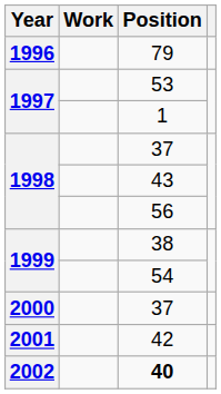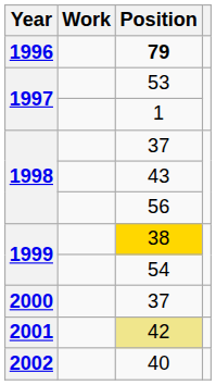 <table class="wikitable sortable" "plainrowheaders">
 <tr>
 <th scope="col">Year</th>
 <th scope="col">Work</th>
 <th scope="col">Position</th>
 <th scope="col" class="unsortable"></th>
 </tr>
 <tr>
 <th scope="row"><a href='#'>1996</a></th>
 <td></td>
-<td style="text-align:center;">79</td>
+<td style="text-align:center;"><strong>79</strong></td>
 <td></td>
 </tr>
 <tr>
 <th scope="row" rowspan="2"><a href='#'>1997</a></th>
 <td></td>
 <td style="text-align:center;">53</td>
 <td rowspan="2"></td>
 </tr>
 <tr>
 <td></td>
 <td style="text-align:center;">1</td>
 </tr>
 <tr>
 <th scope="row" rowspan="3"><a href='#'>1998</a></th>
 <td></td>
 <td style="text-align:center;">37</td>
 <td rowspan="3"></td>
 </tr>
 <tr>
 <td></td>
 <td style="text-align:center;">43</td>
 </tr>
 <tr>
 <td></td>
 <td style="text-align:center;">56</td>
 </tr>
 <tr>
 <th scope="row" rowspan="2"><a href='#'>1999</a></th>
 <td></td>
-<td style="text-align:center;">38</td>
+<td style="background: gold; text-align:center;">38</td>
 <td rowspan="2"></td>
 </tr>
 <tr>
 <td></td>
 <td style="text-align:center;">54</td>
 </tr>
 <tr>
 <th scope="row"><a href='#'>2000</a></th>
 <td></td>
 <td style="text-align:center;">37</td>
 <td></td>
 </tr>
 <tr>
 <th scope="row"><a href='#'>2001</a></th>
 <td></td>
-<td style="text-align:center;">42</td>
+<td style="background: khaki; text-align:center;">42</td>
 <td></td>
 </tr>
 <tr>
 <th scope="row"><a href='#'>2002</a></th>
 <td></td>
-<td style="text-align:center;"><strong>40</strong></td>
+<td style="text-align:center;">40</td>
 <td></td>
 </tr>
 </table>
